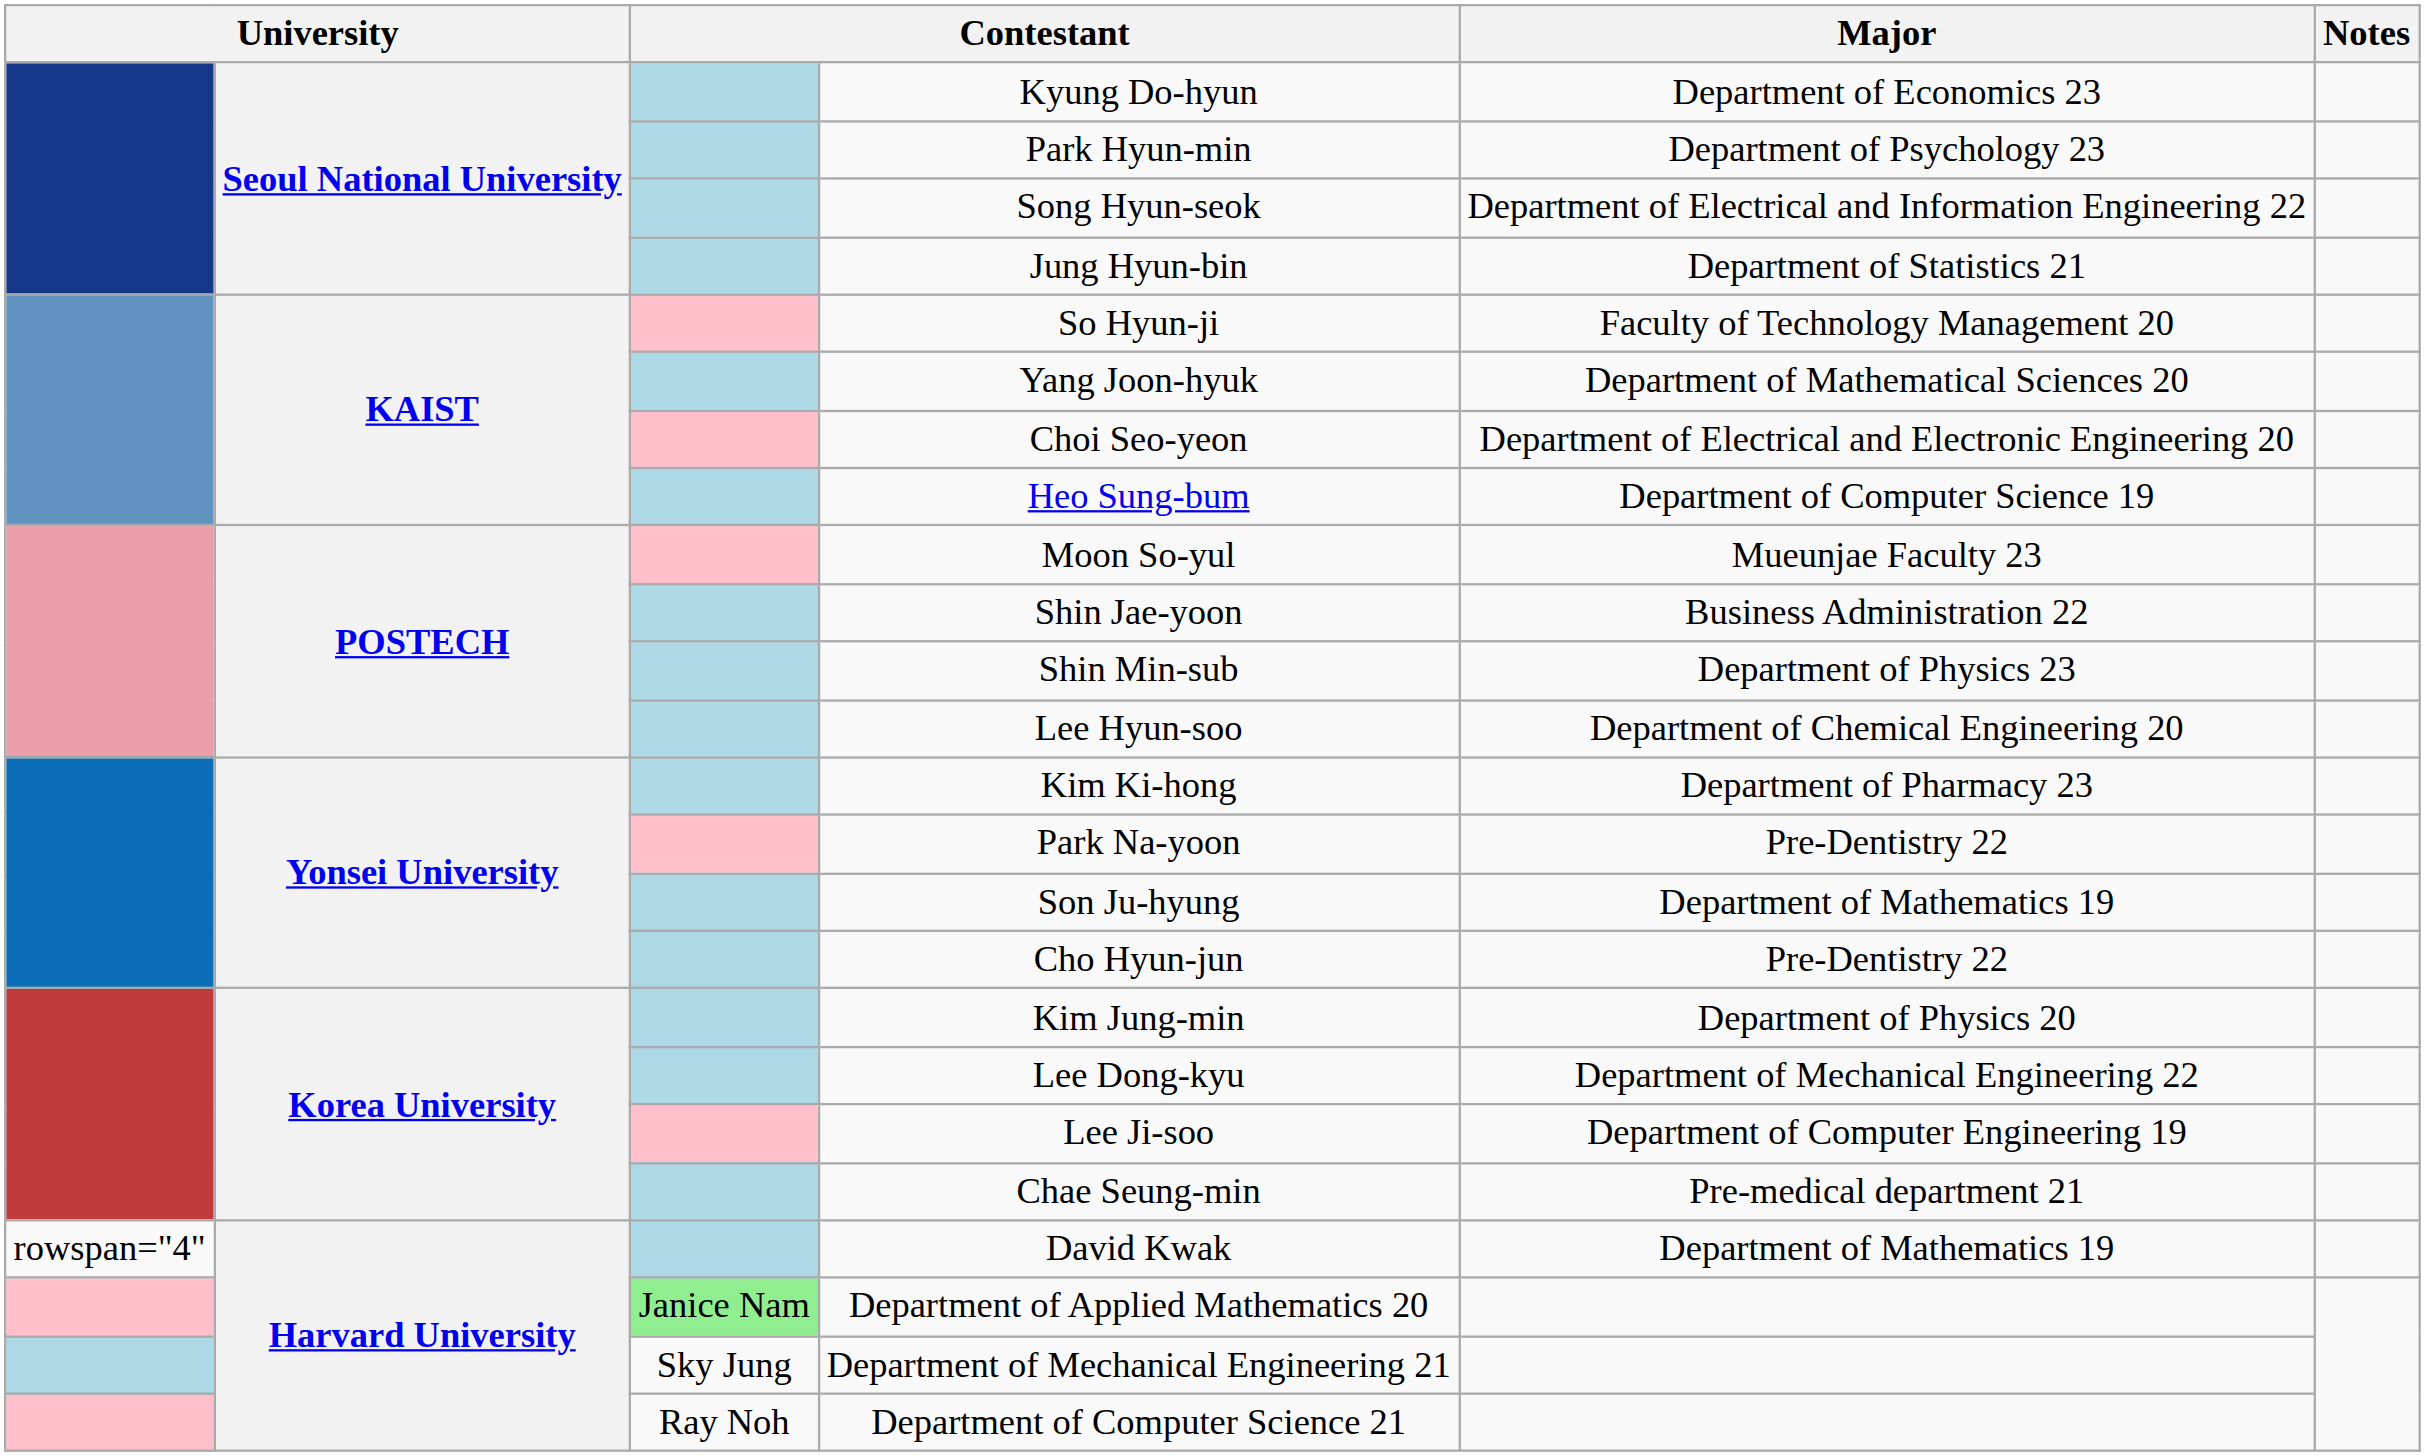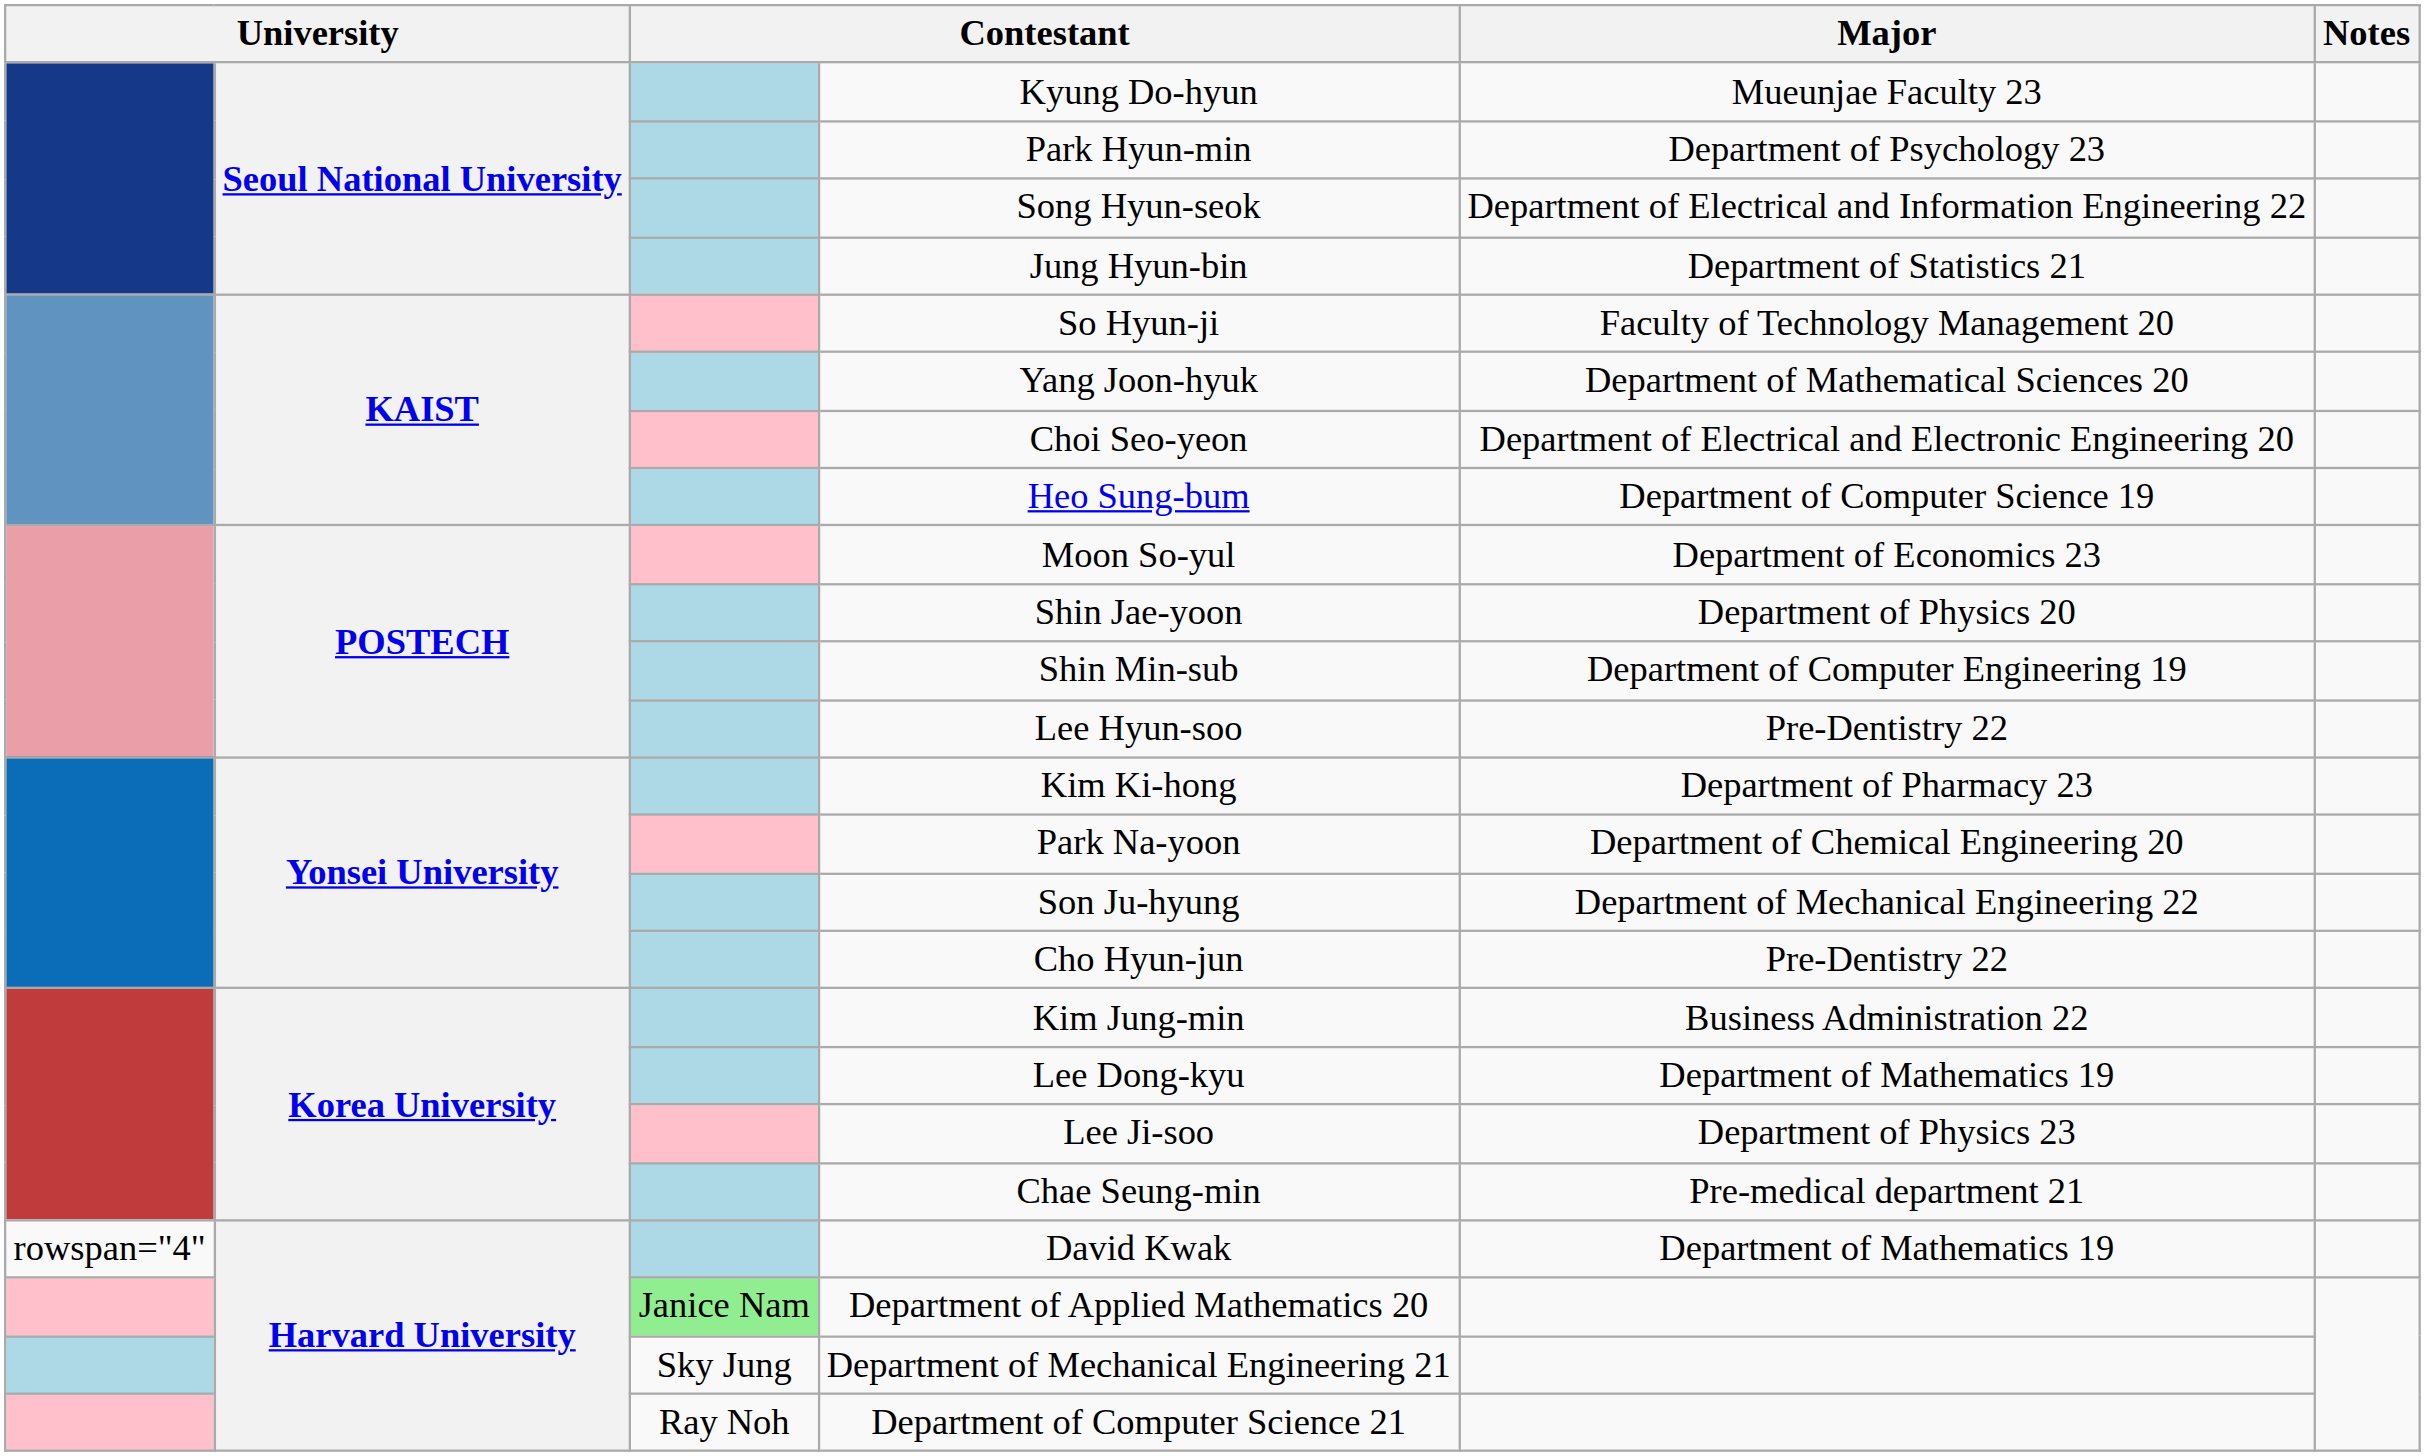 <table class="wikitable sortable" style="text-align:center">
 <tr>
 <th scope="col" colspan="2">University</th>
 <th scope="col" colspan="2">Contestant</th>
 <th scope="col">Major</th>
 <th scope="col">Notes</th>
 </tr>
 <tr>
 <td rowspan="4" style="background-color:#153888"></td>
 <th scope="row" rowspan="4"><a href='#'>Seoul National University</a></th>
 <td style="background-color:lightblue"></td>
 <td>Kyung Do-hyun</td>
-<td>Department of Economics 23</td>
+<td>Mueunjae Faculty 23</td>
 <td></td>
 </tr>
 <tr>
 <td style="background-color:lightblue"></td>
 <td>Park Hyun-min</td>
 <td>Department of Psychology 23</td>
 <td></td>
 </tr>
 <tr>
 <td style="background-color:lightblue"></td>
 <td>Song Hyun-seok</td>
 <td>Department of Electrical and Information Engineering 22</td>
 <td></td>
 </tr>
 <tr>
 <td style="background-color:lightblue"></td>
 <td>Jung Hyun-bin</td>
 <td>Department of Statistics 21</td>
 <td></td>
 </tr>
 <tr>
 <td rowspan="4" style="background-color:#6093BF"></td>
 <th scope="row" rowspan="4"><a href='#'>KAIST</a></th>
 <td style="background-color:pink"></td>
 <td>So Hyun-ji</td>
 <td>Faculty of Technology Management 20</td>
 <td></td>
 </tr>
 <tr>
 <td style="background-color:lightblue"></td>
 <td>Yang Joon-hyuk</td>
 <td>Department of Mathematical Sciences 20</td>
 <td></td>
 </tr>
 <tr>
 <td style="background-color:pink"></td>
 <td>Choi Seo-yeon</td>
 <td>Department of Electrical and Electronic Engineering 20</td>
 <td></td>
 </tr>
 <tr>
 <td style="background-color:lightblue"></td>
 <td><a href='#'>Heo Sung-bum</a></td>
 <td>Department of Computer Science 19</td>
 <td></td>
 </tr>
 <tr>
 <td rowspan="4" style="background-color:#E99EA8"></td>
 <th scope="row" rowspan="4"><a href='#'>POSTECH</a></th>
 <td style="background-color:pink"></td>
 <td>Moon So-yul</td>
-<td>Mueunjae Faculty 23</td>
+<td>Department of Economics 23</td>
 <td></td>
 </tr>
 <tr>
 <td style="background-color:lightblue"></td>
 <td>Shin Jae-yoon</td>
-<td>Business Administration 22</td>
+<td>Department of Physics 20</td>
 <td></td>
 </tr>
 <tr>
 <td style="background-color:lightblue"></td>
 <td>Shin Min-sub</td>
-<td>Department of Physics 23</td>
+<td>Department of Computer Engineering 19</td>
 <td></td>
 </tr>
 <tr>
 <td style="background-color:lightblue"></td>
 <td>Lee Hyun-soo</td>
-<td>Department of Chemical Engineering 20</td>
+<td>Pre-Dentistry 22</td>
 <td></td>
 </tr>
 <tr>
 <td rowspan="4" style="background-color:#0B6DB7"></td>
 <th scope="row" rowspan="4"><a href='#'>Yonsei University</a></th>
 <td style="background-color:lightblue"></td>
 <td>Kim Ki-hong</td>
 <td>Department of Pharmacy 23</td>
 <td></td>
 </tr>
 <tr>
 <td style="background-color:pink"></td>
 <td>Park Na-yoon</td>
-<td>Pre-Dentistry 22</td>
+<td>Department of Chemical Engineering 20</td>
 <td></td>
 </tr>
 <tr>
 <td style="background-color:lightblue"></td>
 <td>Son Ju-hyung</td>
-<td>Department of Mathematics 19</td>
+<td>Department of Mechanical Engineering 22</td>
 <td></td>
 </tr>
 <tr>
 <td style="background-color:lightblue"></td>
 <td>Cho Hyun-jun</td>
 <td>Pre-Dentistry 22</td>
 <td></td>
 </tr>
 <tr>
 <td rowspan="4" style="background-color:#BF3B3C"></td>
 <th scope="row" rowspan="4"><a href='#'>Korea University</a></th>
 <td style="background-color:lightblue"></td>
 <td>Kim Jung-min</td>
-<td>Department of Physics 20</td>
+<td>Business Administration 22</td>
 <td></td>
 </tr>
 <tr>
 <td style="background-color:lightblue"></td>
 <td>Lee Dong-kyu</td>
-<td>Department of Mechanical Engineering 22</td>
+<td>Department of Mathematics 19</td>
 <td></td>
 </tr>
 <tr>
 <td style="background-color:pink"></td>
 <td>Lee Ji-soo</td>
-<td>Department of Computer Engineering 19</td>
+<td>Department of Physics 23</td>
 <td></td>
 </tr>
 <tr>
 <td style="background-color:lightblue"></td>
 <td>Chae Seung-min</td>
 <td>Pre-medical department 21</td>
 <td></td>
 </tr>
 <tr>
 <td>rowspan="4" </td>
 <th scope="row" rowspan="4"><a href='#'>Harvard University</a></th>
 <td style="background-color:lightblue"></td>
 <td>David Kwak</td>
 <td>Department of Mathematics 19</td>
 <td></td>
 </tr>
 <tr>
 <td style="background-color:pink"></td>
 <td style="background: lightgreen;">Janice Nam</td>
 <td>Department of Applied Mathematics 20</td>
 <td></td>
 </tr>
 <tr>
 <td style="background-color:lightblue"></td>
 <td>Sky Jung</td>
 <td>Department of Mechanical Engineering 21</td>
 <td></td>
 </tr>
 <tr>
 <td style="background-color:pink"></td>
 <td>Ray Noh</td>
 <td>Department of Computer Science 21</td>
 <td></td>
 </tr>
 </table>
